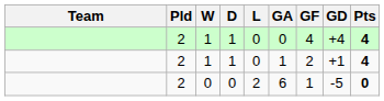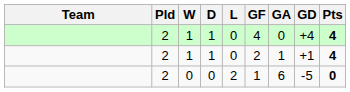 <table class="wikitable" style="text-align:center;">
 <tr>
 <th width=175>Team</th>
 <th width=20 abbr="Played">Pld</th>
 <th width=20 abbr="Won">W</th>
 <th width=20 abbr="Drawn">D</th>
 <th width=20 abbr="Lost">L</th>
+<th width=20 abbr="Goals for">GF</th>
 <th width=20 abbr="Goals against">GA</th>
-<th width=20 abbr="Goals for">GF</th>
 <th width=20 abbr="Goal difference">GD</th>
 <th width=20 abbr="Points">Pts</th>
 </tr>
 <tr bgcolor=#ccffcc>
 <td align=left></td>
 <td>2</td>
 <td>1</td>
 <td>1</td>
 <td>0</td>
+<td>4</td>
 <td>0</td>
-<td>4</td>
 <td>+4</td>
 <td><strong>4</strong></td>
 </tr>
 <tr>
 <td align=left></td>
 <td>2</td>
 <td>1</td>
 <td>1</td>
 <td>0</td>
+<td>2</td>
 <td>1</td>
-<td>2</td>
 <td>+1</td>
 <td><strong>4</strong></td>
 </tr>
 <tr>
 <td align=left></td>
 <td>2</td>
 <td>0</td>
 <td>0</td>
 <td>2</td>
+<td>1</td>
 <td>6</td>
-<td>1</td>
 <td>-5</td>
 <td><strong>0</strong></td>
 </tr>
 </table>
